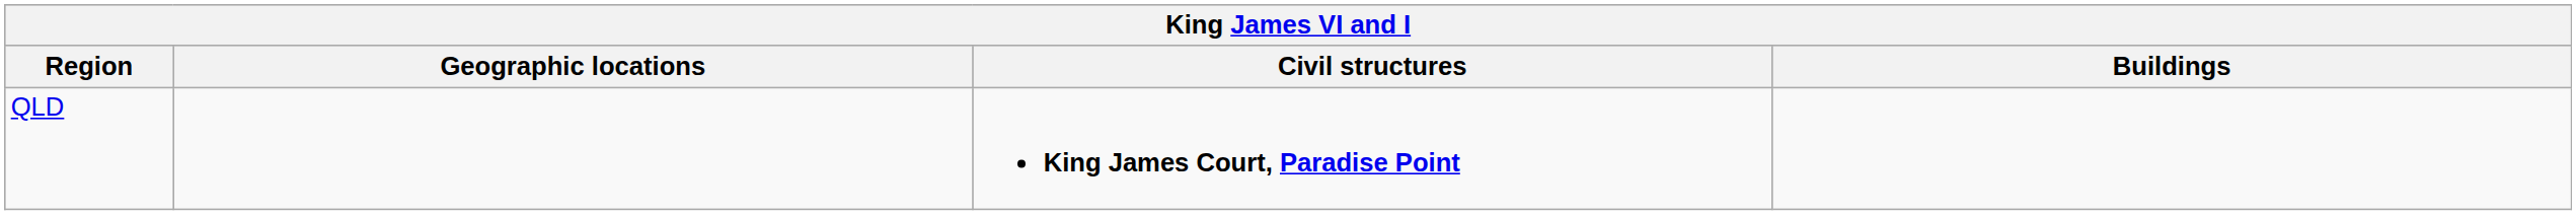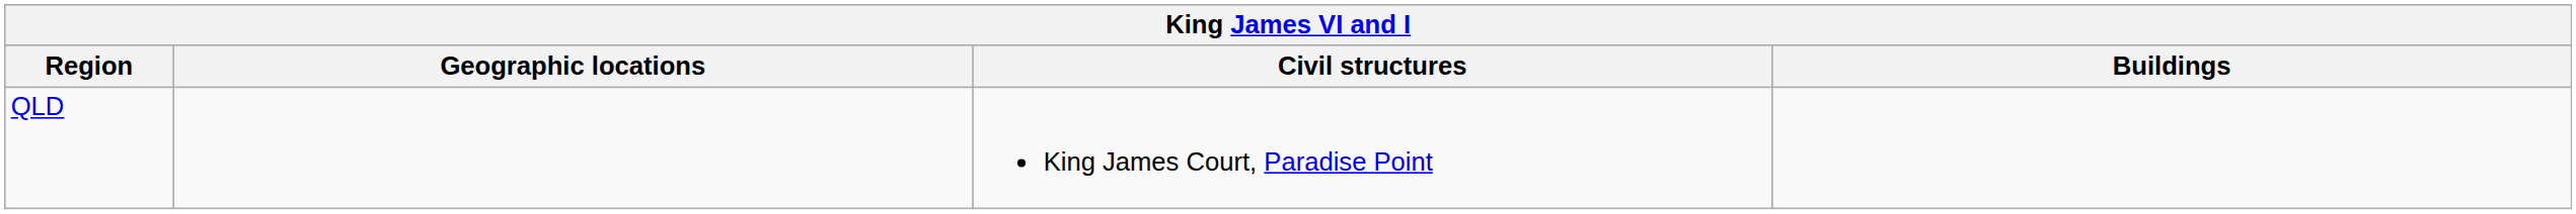 <table class="wikitable" width="100%">
 <tr>
 <th colspan="4"> King <a href='#'>James VI and I</a></th>
 </tr>
 <tr>
 <th width="5%">Region</th>
 <th width="23.75%">Geographic locations</th>
 <th width="23.75%">Civil structures</th>
 <th width="23.75%">Buildings</th>
 </tr>
 <tr>
 <td align=left valign=top> <a href='#'>QLD</a></td>
 <td></td>
-<td align=left valign=top><strong><br><ul><li>King James Court, <a href='#'>Paradise Point</a></li></ul></strong></td>
+<td align=left valign=top><br><ul><li>King James Court, <a href='#'>Paradise Point</a></li></ul></td>
 <td></td>
 </tr>
 </table>
